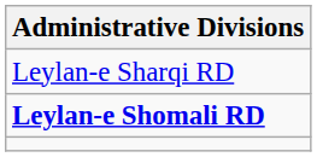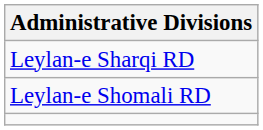 <table class="wikitable">
 <tr>
 <th>Administrative Divisions</th>
 </tr>
 <tr>
 <td><a href='#'>Leylan-e Sharqi RD</a></td>
 </tr>
 <tr>
-<td><strong><a href='#'>Leylan-e Shomali RD</a></strong></td>
+<td><a href='#'>Leylan-e Shomali RD</a></td>
 </tr>
 <tr>
 <td colspan=1></td>
 </tr>
 </table>
